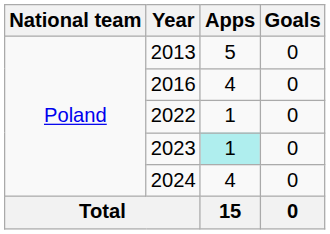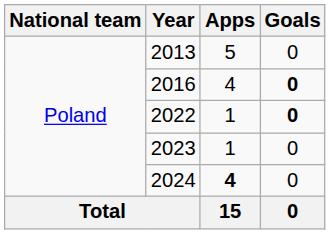 <table class="wikitable" style="text-align:center">
 <tr>
 <th>National team</th>
 <th>Year</th>
 <th>Apps</th>
 <th>Goals</th>
 </tr>
 <tr>
 <td rowspan="5"><a href='#'>Poland</a></td>
 <td>2013</td>
 <td>5</td>
 <td>0</td>
 </tr>
 <tr>
 <td>2016</td>
 <td>4</td>
-<td>0</td>
+<td><strong>0</strong></td>
 </tr>
 <tr>
 <td>2022</td>
 <td>1</td>
-<td>0</td>
+<td><strong>0</strong></td>
 </tr>
 <tr>
 <td>2023</td>
-<td style="background: paleturquoise;">1</td>
+<td>1</td>
 <td>0</td>
 </tr>
 <tr>
 <td>2024</td>
-<td>4</td>
+<td><strong>4</strong></td>
 <td>0</td>
 </tr>
 <tr>
 <th colspan="2">Total</th>
 <th>15</th>
 <th>0</th>
 </tr>
 </table>
